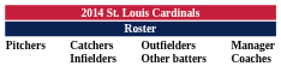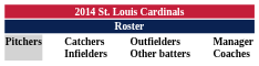 <table class="toccolours" style="font-size: 95%;">
 <tr>
 <th colspan="10" style="background:#c41e3a; color:#fff; text-align:center;">2014 St. Louis Cardinals</th>
 </tr>
 <tr>
 <td colspan="10" style="background:#0a2252; color:#fff; text-align:center;"><strong>Roster</strong></td>
 </tr>
 <tr>
-<td valign="top"><strong>Pitchers</strong><br>                      </td>
+<td valign="top" style="background: lightgrey;"><strong>Pitchers</strong><br>                      </td>
 <td style="width:25px;"></td>
 <td valign="top"><strong>Catchers</strong><br>    <strong>Infielders</strong>         </td>
 <td style="width:25px;"></td>
 <td valign="top"><strong>Outfielders</strong><br>         <strong>Other batters</strong> </td>
 <td style="width:25px;"></td>
 <td valign="top"><strong>Manager</strong><br> <strong>Coaches</strong>                  </td>
 </tr>
 </table>
